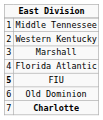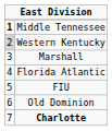 <table class="wikitable">
 <tr align="center">
 <td align="center" Colspan="3"><strong>East Division</strong></td>
 </tr>
 <tr align="center">
 </tr>
 <tr align="center">
-<td>1</td>
+<td><strong>1</strong></td>
 <td>Middle Tennessee</td>
 </tr>
 <tr align="center">
-<td>2</td>
+<td style="background: lightgrey;">2</td>
 <td>Western Kentucky</td>
 </tr>
 <tr align="center">
 <td>3</td>
 <td>Marshall</td>
 </tr>
 <tr align="center">
 <td>4</td>
 <td>Florida Atlantic</td>
 </tr>
 <tr align="center">
-<td><strong>5</strong></td>
+<td>5</td>
 <td>FIU</td>
 </tr>
 <tr align="center">
 <td>6</td>
 <td>Old Dominion</td>
 </tr>
 <tr align="center">
 <td>7</td>
 <td><strong>Charlotte</strong></td>
 </tr>
 </table>
